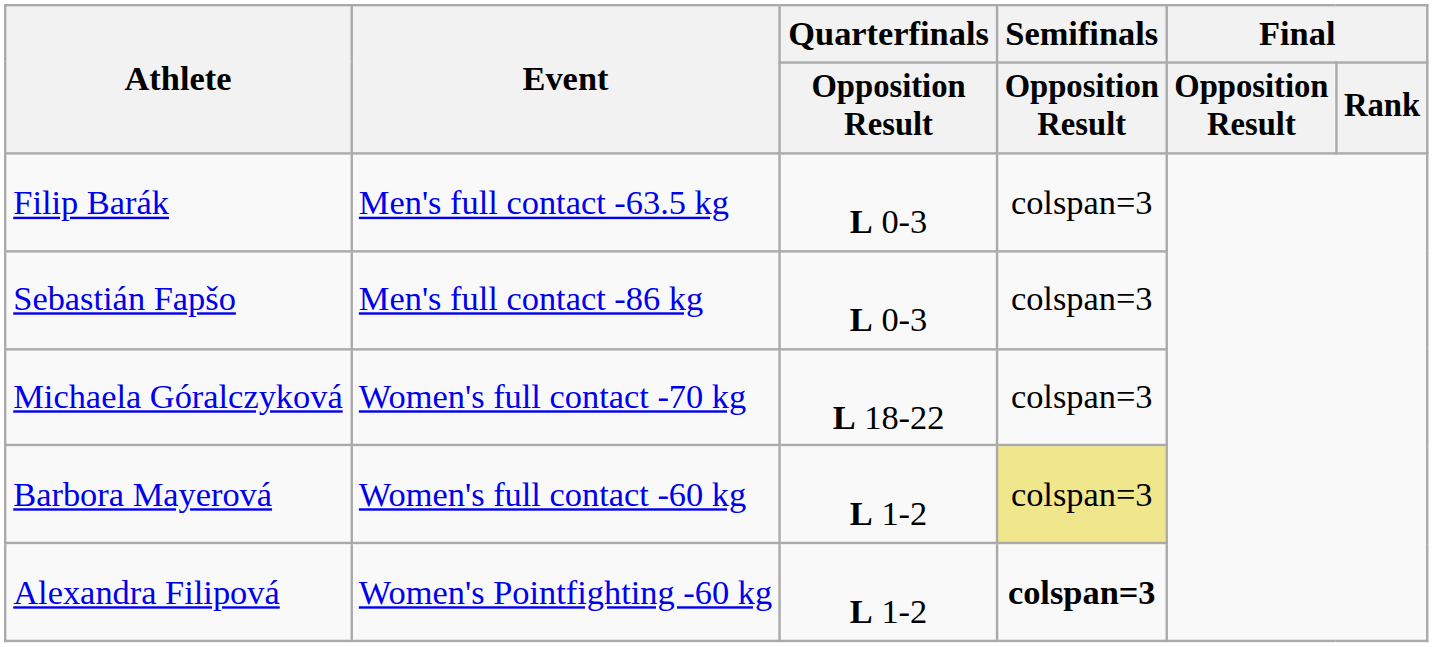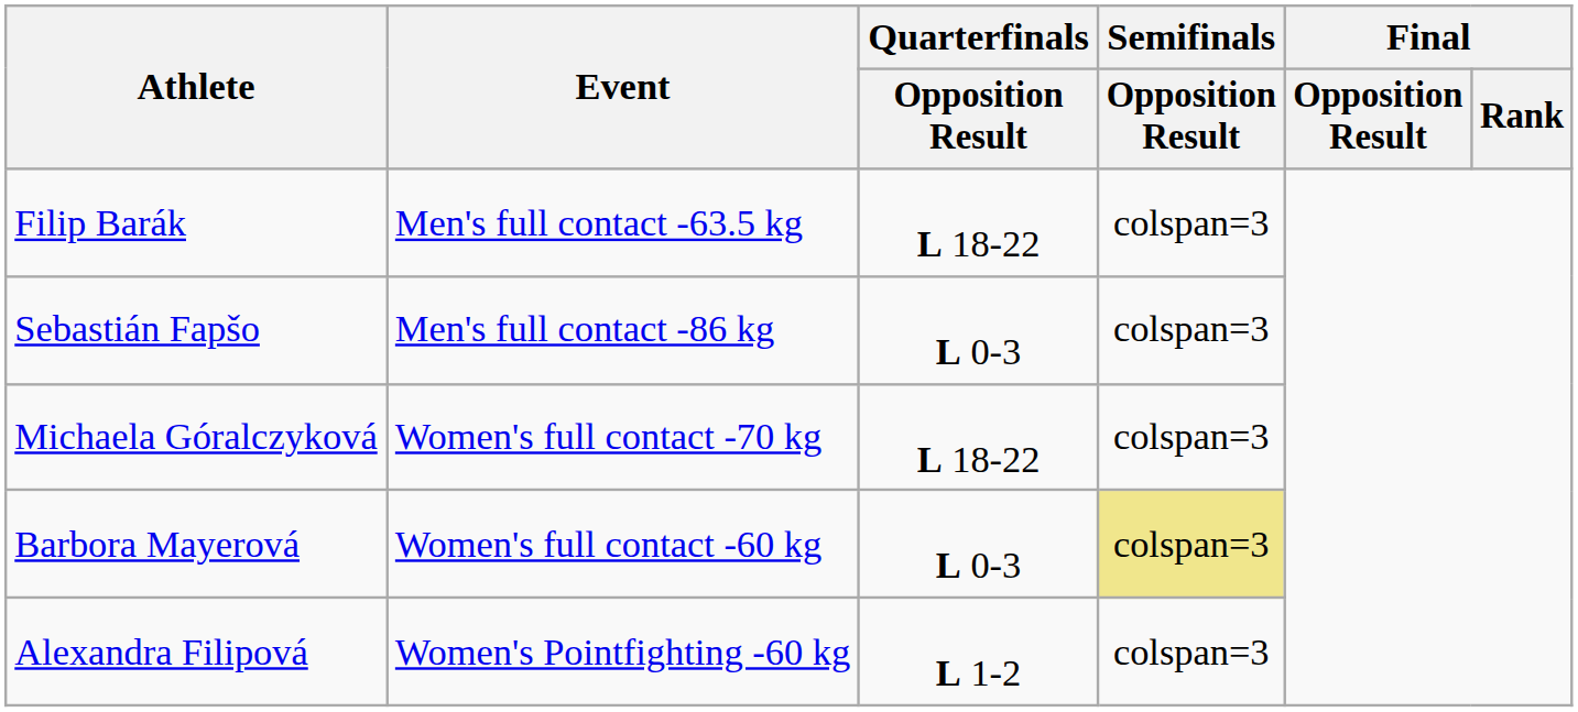 <table class="wikitable" style="font-size:90%">
 <tr>
 <th rowspan="2">Athlete</th>
 <th rowspan="2">Event</th>
 <th>Quarterfinals</th>
 <th>Semifinals</th>
 <th colspan=2>Final</th>
 </tr>
 <tr style="font-size:95%">
 <th>Opposition<br>Result</th>
 <th>Opposition<br>Result</th>
 <th>Opposition<br>Result</th>
 <th>Rank</th>
 </tr>
 <tr align=center>
 <td align=left><a href='#'>Filip Barák</a></td>
 <td align=left><a href='#'>Men's full contact -63.5 kg</a></td>
-<td><br><strong>L</strong> 0-3</td>
+<td><br><strong>L</strong> 18-22</td>
 <td>colspan=3 </td>
 </tr>
 <tr align=center>
 <td align=left><a href='#'>Sebastián Fapšo</a></td>
 <td align=left><a href='#'>Men's full contact -86 kg</a></td>
 <td><br><strong>L</strong> 0-3</td>
 <td>colspan=3 </td>
 </tr>
 <tr align=center>
 <td align=left><a href='#'>Michaela Góralczyková</a></td>
 <td align=left><a href='#'>Women's full contact -70 kg</a></td>
 <td><br><strong>L</strong> 18-22</td>
 <td>colspan=3 </td>
 </tr>
 <tr align=center>
 <td align=left><a href='#'>Barbora Mayerová</a></td>
 <td align=left><a href='#'>Women's full contact -60 kg</a></td>
-<td><br><strong>L</strong> 1-2</td>
+<td><br><strong>L</strong> 0-3</td>
 <td style="background: khaki;">colspan=3 </td>
 </tr>
 <tr align=center>
 <td align=left><a href='#'>Alexandra Filipová</a></td>
 <td align=left><a href='#'>Women's Pointfighting -60 kg</a></td>
 <td><br><strong>L</strong> 1-2</td>
-<td><strong>colspan=3 </strong></td>
+<td>colspan=3 </td>
 </tr>
 </table>
